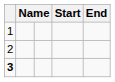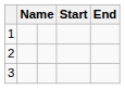 <table class="wikitable sortable">
 <tr>
 <th></th>
 <th colspan=2>Name</th>
 <th>Start</th>
 <th>End</th>
 </tr>
 <tr>
 <td>1</td>
 <td></td>
 <td></td>
 <td></td>
 <td></td>
 </tr>
 <tr>
 <td>2</td>
 <td></td>
 <td></td>
 <td></td>
 <td></td>
 </tr>
 <tr>
-<td><strong>3</strong></td>
+<td>3</td>
 <td></td>
 <td></td>
 <td></td>
 <td></td>
 </tr>
 </table>
